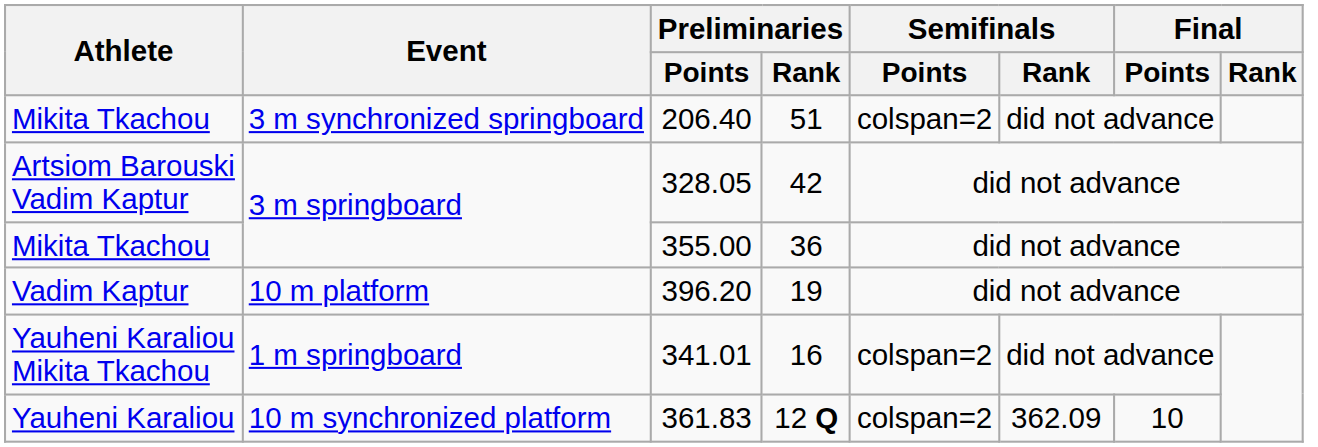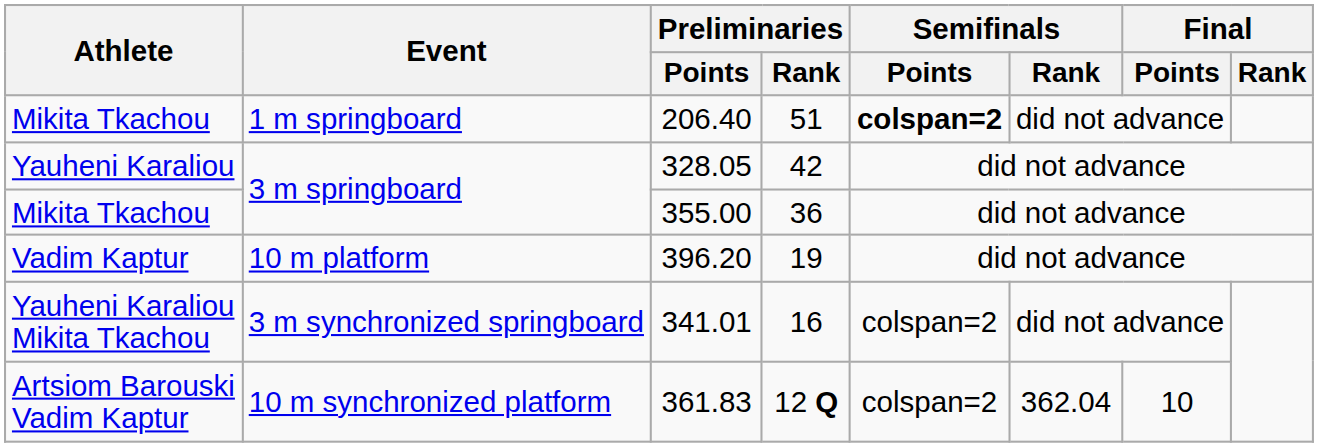 <table class=wikitable style="font-size:90%;">
 <tr>
 <th rowspan="2">Athlete</th>
 <th rowspan="2">Event</th>
 <th colspan="2">Preliminaries</th>
 <th colspan="2">Semifinals</th>
 <th colspan="2">Final</th>
 </tr>
 <tr style="font-size:95%">
 <th>Points</th>
 <th>Rank</th>
 <th>Points</th>
 <th>Rank</th>
 <th>Points</th>
 <th>Rank</th>
 </tr>
 <tr align=center>
 <td align=left><a href='#'>Mikita Tkachou</a></td>
-<td align=left><a href='#'>3 m synchronized springboard</a></td>
+<td align=left><a href='#'>1 m springboard</a></td>
 <td>206.40</td>
 <td>51</td>
-<td>colspan=2 </td>
+<td><strong>colspan=2 </strong></td>
 <td colspan=2>did not advance</td>
 </tr>
 <tr align=center>
-<td align=left><a href='#'>Artsiom Barouski</a><br><a href='#'>Vadim Kaptur</a></td>
+<td align=left><a href='#'>Yauheni Karaliou</a></td>
 <td align=left rowspan=2><a href='#'>3 m springboard</a></td>
 <td>328.05</td>
 <td>42</td>
 <td colspan=4>did not advance</td>
 </tr>
 <tr align=center>
 <td align=left><a href='#'>Mikita Tkachou</a></td>
 <td>355.00</td>
 <td>36</td>
 <td colspan=4>did not advance</td>
 </tr>
 <tr align=center>
 <td align=left><a href='#'>Vadim Kaptur</a></td>
 <td align=left><a href='#'>10 m platform</a></td>
 <td>396.20</td>
 <td>19</td>
 <td colspan=4>did not advance</td>
 </tr>
 <tr align=center>
 <td align=left><a href='#'>Yauheni Karaliou</a><br><a href='#'>Mikita Tkachou</a></td>
-<td align=left><a href='#'>1 m springboard</a></td>
+<td align=left><a href='#'>3 m synchronized springboard</a></td>
 <td>341.01</td>
 <td>16</td>
 <td>colspan=2 </td>
 <td colspan=2>did not advance</td>
 </tr>
 <tr align=center>
-<td align=left><a href='#'>Yauheni Karaliou</a></td>
+<td align=left><a href='#'>Artsiom Barouski</a><br><a href='#'>Vadim Kaptur</a></td>
 <td align=left><a href='#'>10 m synchronized platform</a></td>
 <td>361.83</td>
 <td>12 <strong>Q</strong></td>
 <td>colspan=2 </td>
-<td>362.09</td>
+<td>362.04</td>
 <td>10</td>
 </tr>
 </table>
